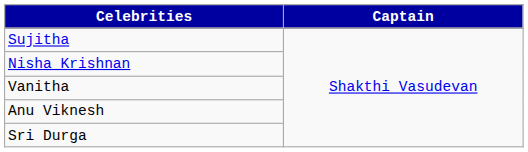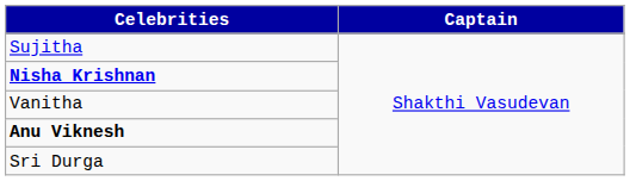 <table class="wikitable">
 <tr>
 <th style="background:#0000A0; color:white; width:35%;">Celebrities</th>
 <th style="background:#0000A0; color:white; width:30%;">Captain</th>
 </tr>
 <tr>
 </tr>
 <tr>
 <td><a href='#'>Sujitha</a></td>
 <td align=center rowspan=5><a href='#'>Shakthi Vasudevan</a></td>
 </tr>
 <tr>
-<td><a href='#'>Nisha Krishnan</a></td>
+<td><strong><a href='#'>Nisha Krishnan</a></strong></td>
 </tr>
 <tr>
 <td>Vanitha</td>
 </tr>
 <tr>
-<td>Anu Viknesh</td>
+<td><strong>Anu Viknesh</strong></td>
 </tr>
 <tr>
 <td>Sri Durga</td>
 </tr>
 </table>
